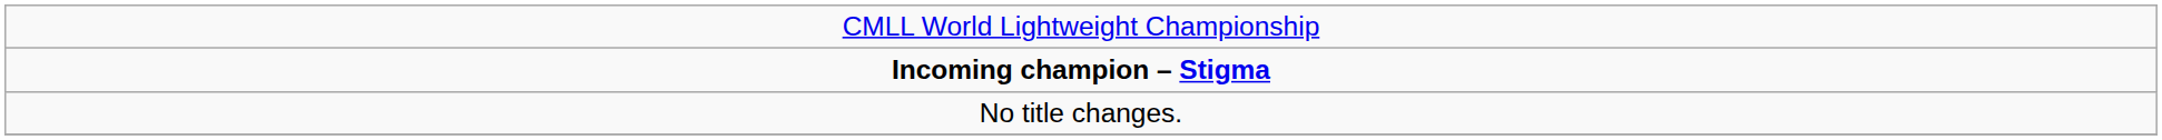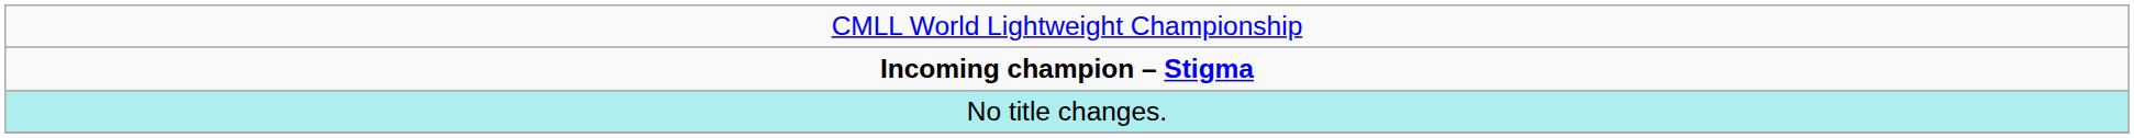 <table class="wikitable" style="text-align:center; width:100%;">
 <tr>
 <td colspan="5" style="text-align: center;"><a href='#'>CMLL World Lightweight Championship</a></td>
 </tr>
 <tr>
 <td colspan="5" style="text-align: center;"><strong>Incoming champion – <a href='#'>Stigma</a></strong></td>
 </tr>
 <tr>
-<td>No title changes.</td>
+<td style="background: paleturquoise;">No title changes.</td>
 </tr>
 <tr>
 </tr>
 </table>
